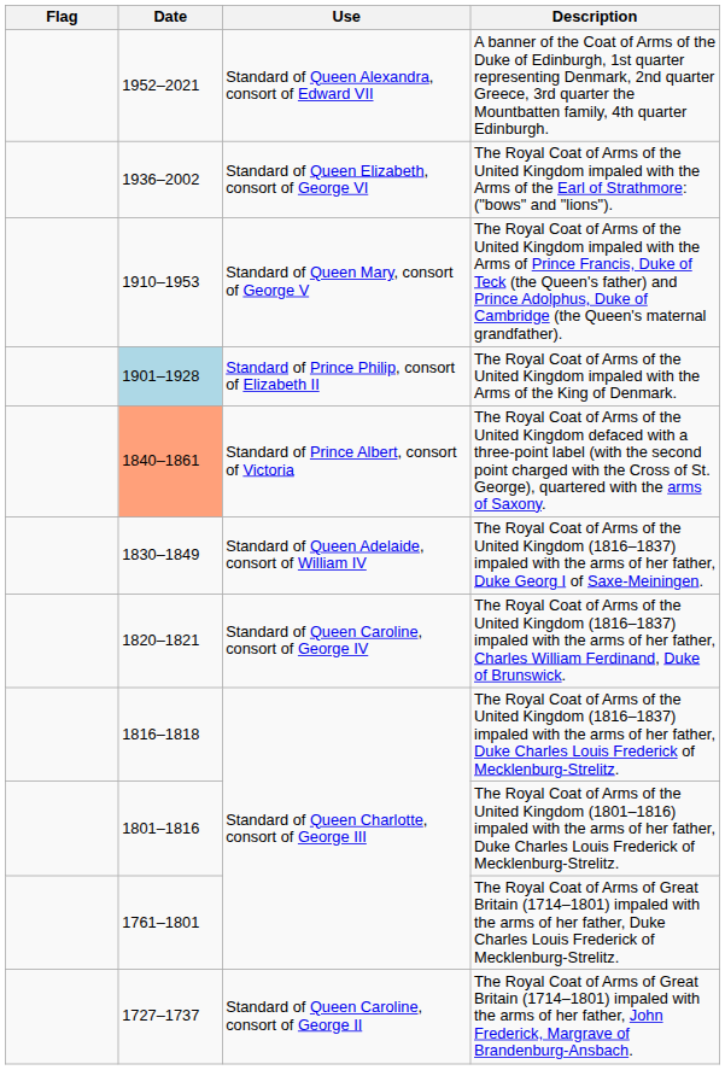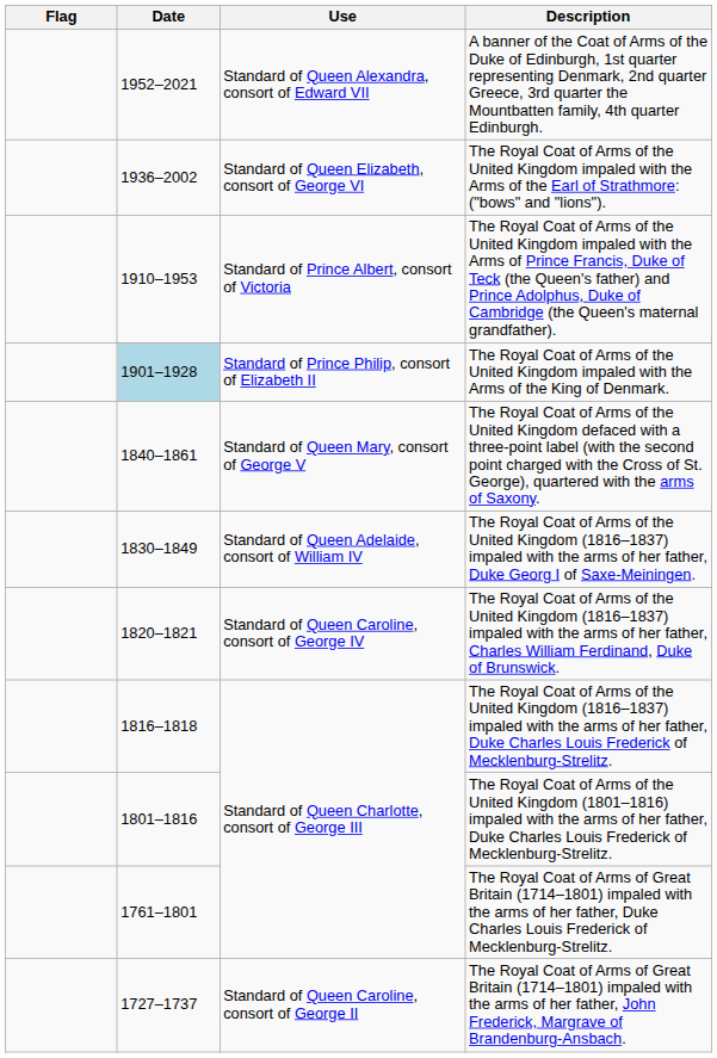 <table class="wikitable">
 <tr style="background:#efefef;">
 <th style="width:110px;">Flag</th>
 <th style="width:100px;">Date</th>
 <th style="width:250px;">Use</th>
 <th style="width:250px;">Description</th>
 </tr>
 <tr>
 <td></td>
 <td>1952–2021</td>
 <td>Standard of <a href='#'>Queen Alexandra</a>, consort of <a href='#'>Edward VII</a></td>
 <td>A banner of the Coat of Arms of the Duke of Edinburgh, 1st quarter representing Denmark, 2nd quarter Greece, 3rd quarter the Mountbatten family, 4th quarter Edinburgh.</td>
 </tr>
 <tr>
 <td></td>
 <td>1936–2002</td>
 <td>Standard of <a href='#'>Queen Elizabeth</a>, consort of <a href='#'>George VI</a></td>
 <td>The Royal Coat of Arms of the United Kingdom impaled with the Arms of the <a href='#'>Earl of Strathmore</a>: ("bows" and "lions").</td>
 </tr>
 <tr>
 <td></td>
 <td>1910–1953</td>
-<td>Standard of <a href='#'>Queen Mary</a>, consort of <a href='#'>George V</a></td>
+<td>Standard of <a href='#'>Prince Albert</a>, consort of <a href='#'>Victoria</a></td>
 <td>The Royal Coat of Arms of the United Kingdom impaled with the Arms of <a href='#'>Prince Francis, Duke of Teck</a> (the Queen's father) and <a href='#'>Prince Adolphus, Duke of Cambridge</a> (the Queen's maternal grandfather).</td>
 </tr>
 <tr>
 <td></td>
 <td style="background: lightblue;">1901–1928</td>
 <td><a href='#'>Standard</a> of <a href='#'>Prince Philip</a>, consort of <a href='#'>Elizabeth II</a></td>
 <td>The Royal Coat of Arms of the United Kingdom impaled with the Arms of the King of Denmark.</td>
 </tr>
 <tr>
 <td></td>
-<td style="background: lightsalmon;">1840–1861</td>
-<td>Standard of <a href='#'>Prince Albert</a>, consort of <a href='#'>Victoria</a></td>
+<td>1840–1861</td>
+<td>Standard of <a href='#'>Queen Mary</a>, consort of <a href='#'>George V</a></td>
 <td>The Royal Coat of Arms of the United Kingdom defaced with a three-point label (with the second point charged with the Cross of St. George), quartered with the <a href='#'>arms of Saxony</a>.</td>
 </tr>
 <tr>
 <td></td>
 <td>1830–1849</td>
 <td>Standard of <a href='#'>Queen Adelaide</a>, consort of <a href='#'>William IV</a></td>
 <td>The Royal Coat of Arms of the United Kingdom (1816–1837) impaled with the arms of her father, <a href='#'>Duke Georg I</a> of <a href='#'>Saxe-Meiningen</a>.</td>
 </tr>
 <tr>
 <td></td>
 <td>1820–1821</td>
 <td>Standard of <a href='#'>Queen Caroline</a>, consort of <a href='#'>George IV</a></td>
 <td>The Royal Coat of Arms of the United Kingdom (1816–1837) impaled with the arms of her father, <a href='#'>Charles William Ferdinand</a>, <a href='#'>Duke of Brunswick</a>.</td>
 </tr>
 <tr>
 <td></td>
 <td>1816–1818</td>
 <td rowspan="3">Standard of <a href='#'>Queen Charlotte</a>, consort of <a href='#'>George III</a></td>
 <td>The Royal Coat of Arms of the United Kingdom (1816–1837) impaled with the arms of her father, <a href='#'>Duke Charles Louis Frederick</a> of <a href='#'>Mecklenburg-Strelitz</a>.</td>
 </tr>
 <tr>
 <td></td>
 <td>1801–1816</td>
 <td>The Royal Coat of Arms of the United Kingdom (1801–1816) impaled with the arms of her father, Duke Charles Louis Frederick of Mecklenburg-Strelitz.</td>
 </tr>
 <tr>
 <td></td>
 <td>1761–1801</td>
 <td>The Royal Coat of Arms of Great Britain (1714–1801) impaled with the arms of her father, Duke Charles Louis Frederick of Mecklenburg-Strelitz.</td>
 </tr>
 <tr>
 <td></td>
 <td>1727–1737</td>
 <td>Standard of <a href='#'>Queen Caroline</a>, consort of <a href='#'>George II</a></td>
 <td>The Royal Coat of Arms of Great Britain (1714–1801) impaled with the arms of her father, <a href='#'>John Frederick, Margrave of Brandenburg-Ansbach</a>.</td>
 </tr>
 </table>
